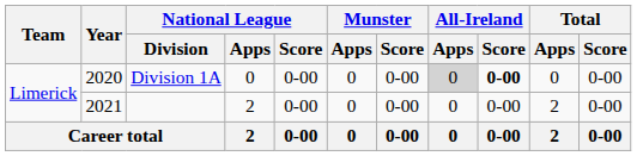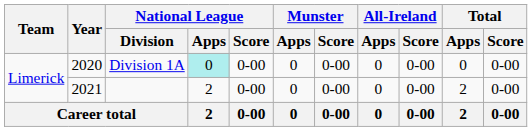 <table class="wikitable" style="text-align:center">
 <tr>
 <th rowspan="2">Team</th>
 <th rowspan="2">Year</th>
 <th colspan="3"><a href='#'>National League</a></th>
 <th colspan="2"><a href='#'>Munster</a></th>
 <th colspan="2"><a href='#'>All-Ireland</a></th>
 <th colspan="2">Total</th>
 </tr>
 <tr>
 <th>Division</th>
 <th>Apps</th>
 <th>Score</th>
 <th>Apps</th>
 <th>Score</th>
 <th>Apps</th>
 <th>Score</th>
 <th>Apps</th>
 <th>Score</th>
 </tr>
 <tr>
 <td rowspan="2"><a href='#'>Limerick</a></td>
 <td>2020</td>
 <td rowspan="1"><a href='#'>Division 1A</a></td>
+<td style="background: paleturquoise;">0</td>
+<td>0-00</td>
 <td>0</td>
 <td>0-00</td>
 <td>0</td>
 <td>0-00</td>
-<td style="background: lightgrey;">0</td>
-<td><strong>0-00</strong></td>
 <td>0</td>
 <td>0-00</td>
 </tr>
 <tr>
 <td>2021</td>
 <td></td>
 <td>2</td>
 <td>0-00</td>
 <td>0</td>
 <td>0-00</td>
 <td>0</td>
 <td>0-00</td>
 <td>2</td>
 <td>0-00</td>
 </tr>
 <tr>
 <th colspan="3">Career total</th>
 <th>2</th>
 <th>0-00</th>
 <th>0</th>
 <th>0-00</th>
 <th>0</th>
 <th>0-00</th>
 <th>2</th>
 <th>0-00</th>
 </tr>
 </table>
